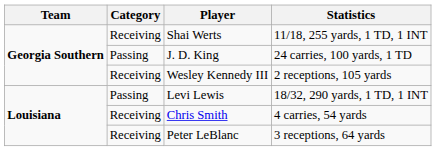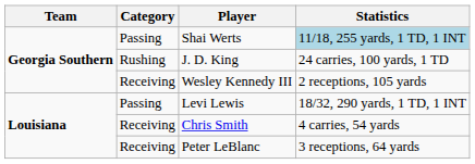 <table class="wikitable" style="float: left;">
 <tr>
 <th>Team</th>
 <th>Category</th>
 <th>Player</th>
 <th>Statistics</th>
 </tr>
 <tr>
 <td rowspan=3><strong>Georgia Southern</strong></td>
-<td>Receiving</td>
+<td>Passing</td>
 <td>Shai Werts</td>
-<td>11/18, 255 yards, 1 TD, 1 INT</td>
+<td style="background: lightblue;">11/18, 255 yards, 1 TD, 1 INT</td>
 </tr>
 <tr>
-<td>Passing</td>
+<td>Rushing</td>
 <td>J. D. King</td>
 <td>24 carries, 100 yards, 1 TD</td>
 </tr>
 <tr>
 <td>Receiving</td>
 <td>Wesley Kennedy III</td>
 <td>2 receptions, 105 yards</td>
 </tr>
 <tr>
 <td rowspan=3><strong>Louisiana</strong></td>
 <td>Passing</td>
 <td>Levi Lewis</td>
 <td>18/32, 290 yards, 1 TD, 1 INT</td>
 </tr>
 <tr>
 <td>Receiving</td>
 <td><a href='#'>Chris Smith</a></td>
 <td>4 carries, 54 yards</td>
 </tr>
 <tr>
 <td>Receiving</td>
 <td>Peter LeBlanc</td>
 <td>3 receptions, 64 yards</td>
 </tr>
 </table>
